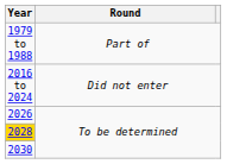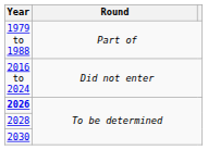 <table class="wikitable" style="text-align: center; font-size:90%">
 <tr>
 <th>Year</th>
 <th style="width:200px">Round</th>
 <th></th>
 </tr>
 <tr>
 <td><a href='#'>1979</a><br>to<br><a href='#'>1988</a></td>
 <td colspan="2"><em>Part of </em></td>
 </tr>
 <tr>
 <td><a href='#'>2016</a><br>to<br><a href='#'>2024</a></td>
 <td colspan="2"><em>Did not enter</em></td>
 </tr>
 <tr>
-<td><a href='#'>2026</a></td>
+<td><strong><a href='#'>2026</a></strong></td>
 <td colspan="2" rowspan="3"><em>To be determined</em></td>
 </tr>
 <tr>
-<td style="background: gold;"><a href='#'>2028</a></td>
+<td><a href='#'>2028</a></td>
 </tr>
 <tr>
 <td><a href='#'>2030</a></td>
 </tr>
 </table>
